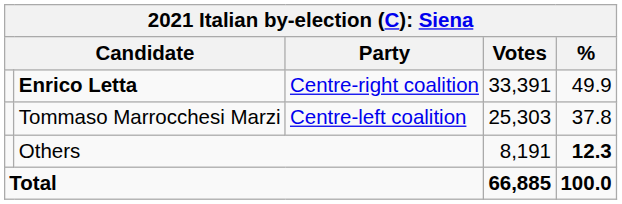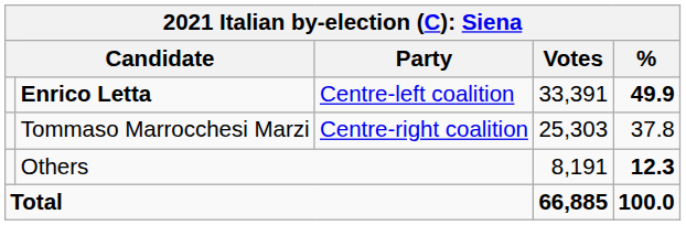 <table class=wikitable style=text-align:right>
 <tr>
 <th colspan=5>2021 Italian by-election (<a href='#'>C</a>): <a href='#'>Siena</a></th>
 </tr>
 <tr>
 <th colspan=2>Candidate</th>
 <th>Party</th>
 <th>Votes</th>
 <th>%</th>
 </tr>
 <tr>
 <td></td>
 <td align=left><strong>Enrico Letta</strong></td>
-<td align=left><a href='#'>Centre-right coalition</a></td>
+<td align=left><a href='#'>Centre-left coalition</a></td>
 <td>33,391</td>
-<td>49.9</td>
+<td><strong>49.9</strong></td>
 </tr>
 <tr>
 <td></td>
 <td align=left>Tommaso Marrocchesi Marzi</td>
-<td align=left><a href='#'>Centre-left coalition</a></td>
+<td align=left><a href='#'>Centre-right coalition</a></td>
 <td>25,303</td>
 <td>37.8</td>
 </tr>
 <tr>
 <td></td>
 <td align=left colspan=2>Others</td>
 <td>8,191</td>
 <td><strong>12.3</strong></td>
 </tr>
 <tr>
 <td align=left colspan=3><strong>Total</strong></td>
 <td><strong>66,885</strong></td>
 <td><strong>100.0</strong></td>
 </tr>
 </table>
